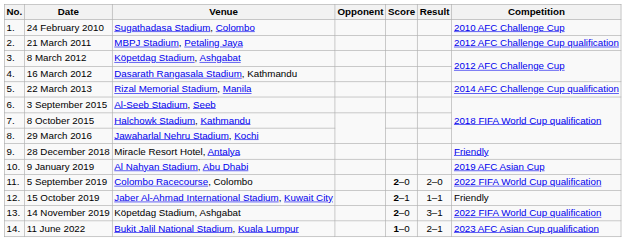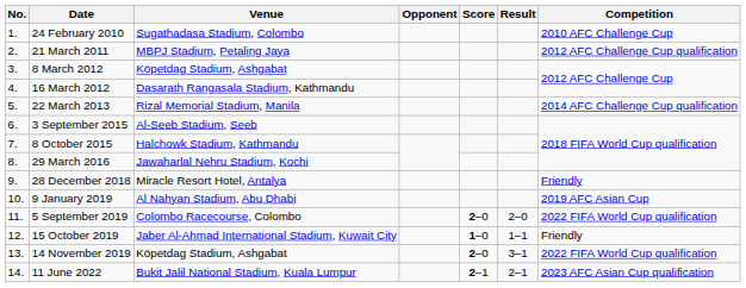 <table class="wikitable">
 <tr>
 <th>No.</th>
 <th>Date</th>
 <th>Venue</th>
 <th>Opponent</th>
 <th>Score</th>
 <th>Result</th>
 <th>Competition</th>
 </tr>
 <tr>
 <td>1.</td>
 <td>24 February 2010</td>
 <td><a href='#'>Sugathadasa Stadium</a>, <a href='#'>Colombo</a></td>
 <td></td>
 <td></td>
 <td></td>
 <td><a href='#'>2010 AFC Challenge Cup</a></td>
 </tr>
 <tr>
 <td>2.</td>
 <td>21 March 2011</td>
 <td><a href='#'>MBPJ Stadium</a>, <a href='#'>Petaling Jaya</a></td>
 <td></td>
 <td></td>
 <td></td>
 <td><a href='#'>2012 AFC Challenge Cup qualification</a></td>
 </tr>
 <tr>
 <td>3.</td>
 <td>8 March 2012</td>
 <td><a href='#'>Köpetdag Stadium</a>, <a href='#'>Ashgabat</a></td>
 <td></td>
 <td></td>
 <td></td>
 <td rowspan=2><a href='#'>2012 AFC Challenge Cup</a></td>
 </tr>
 <tr>
 <td>4.</td>
 <td>16 March 2012</td>
 <td><a href='#'>Dasarath Rangasala Stadium</a>, Kathmandu</td>
 <td></td>
 <td></td>
 <td></td>
 </tr>
 <tr>
 <td>5.</td>
 <td>22 March 2013</td>
 <td><a href='#'>Rizal Memorial Stadium</a>, <a href='#'>Manila</a></td>
 <td></td>
 <td></td>
 <td></td>
 <td><a href='#'>2014 AFC Challenge Cup qualification</a></td>
 </tr>
 <tr>
 <td>6.</td>
 <td>3 September 2015</td>
 <td><a href='#'>Al-Seeb Stadium</a>, <a href='#'>Seeb</a></td>
 <td></td>
 <td></td>
 <td></td>
 <td rowspan=3><a href='#'>2018 FIFA World Cup qualification</a></td>
 </tr>
 <tr>
 <td>7.</td>
 <td>8 October 2015</td>
 <td><a href='#'>Halchowk Stadium</a>, <a href='#'>Kathmandu</a></td>
 <td rowspan=2></td>
 <td></td>
 <td></td>
 </tr>
 <tr>
 <td>8.</td>
 <td>29 March 2016</td>
 <td><a href='#'>Jawaharlal Nehru Stadium</a>, <a href='#'>Kochi</a></td>
 <td></td>
 <td></td>
 </tr>
 <tr>
 <td>9.</td>
 <td>28 December 2018</td>
 <td>Miracle Resort Hotel, <a href='#'>Antalya</a></td>
 <td></td>
 <td></td>
 <td></td>
 <td><a href='#'>Friendly</a></td>
 </tr>
 <tr>
 <td>10.</td>
 <td>9 January 2019</td>
 <td><a href='#'>Al Nahyan Stadium</a>, <a href='#'>Abu Dhabi</a></td>
 <td></td>
 <td></td>
 <td></td>
 <td><a href='#'>2019 AFC Asian Cup</a></td>
 </tr>
 <tr>
 <td>11.</td>
 <td>5 September 2019</td>
 <td><a href='#'>Colombo Racecourse</a>, Colombo</td>
 <td></td>
 <td align=center><strong>2</strong>–0</td>
 <td align=center>2–0</td>
 <td><a href='#'>2022 FIFA World Cup qualification</a></td>
 </tr>
 <tr>
 <td>12.</td>
 <td>15 October 2019</td>
 <td><a href='#'>Jaber Al-Ahmad International Stadium</a>, <a href='#'>Kuwait City</a></td>
 <td></td>
-<td align=center><strong>2</strong>–1</td>
+<td align=center><strong>1</strong>–0</td>
 <td align=center>1–1</td>
 <td>Friendly</td>
 </tr>
 <tr>
 <td>13.</td>
 <td>14 November 2019</td>
 <td>Köpetdag Stadium, Ashgabat</td>
 <td></td>
 <td align=center><strong>2</strong>–0</td>
 <td align=center>3–1</td>
 <td><a href='#'>2022 FIFA World Cup qualification</a></td>
 </tr>
 <tr>
 <td>14.</td>
 <td>11 June 2022</td>
 <td><a href='#'>Bukit Jalil National Stadium</a>, <a href='#'>Kuala Lumpur</a></td>
 <td></td>
-<td align=center><strong>1</strong>–0</td>
+<td align=center><strong>2</strong>–1</td>
 <td align=center>2–1</td>
 <td><a href='#'>2023 AFC Asian Cup qualification</a></td>
 </tr>
 </table>
